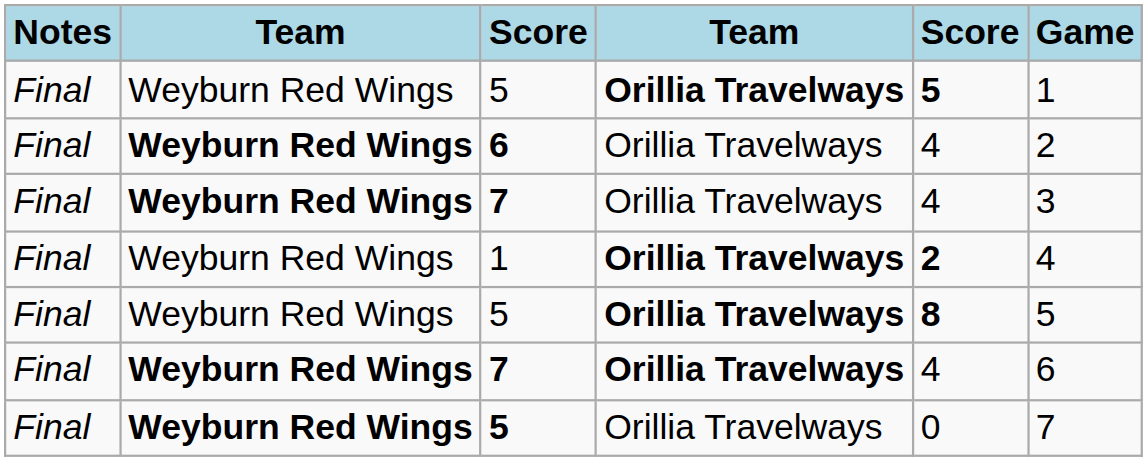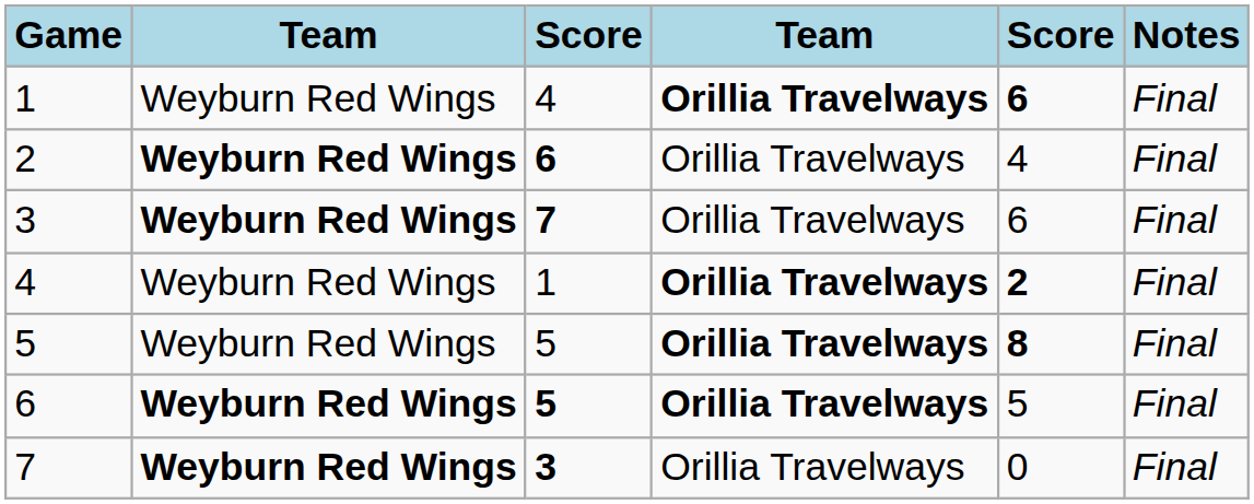 <table class="wikitable">
 <tr>
-<th style="background:lightblue;">Notes</th>
+<th style="background:lightblue;">Game</th>
 <th style="background:lightblue;">Team</th>
 <th style="background:lightblue;">Score</th>
 <th style="background:lightblue;">Team</th>
 <th style="background:lightblue;">Score</th>
-<th style="background:lightblue;">Game</th>
+<th style="background:lightblue;">Notes</th>
 </tr>
 <tr bgcolor=>
+<td>1</td>
+<td>Weyburn Red Wings</td>
+<td>4</td>
+<td><strong>Orillia Travelways</strong></td>
+<td><strong>6</strong></td>
 <td><em>Final</em></td>
-<td>Weyburn Red Wings</td>
-<td>5</td>
-<td><strong>Orillia Travelways</strong></td>
-<td><strong>5</strong></td>
-<td>1</td>
 </tr>
 <tr bgcolor=>
-<td><em>Final</em></td>
+<td>2</td>
 <td><strong>Weyburn Red Wings</strong></td>
 <td><strong>6</strong></td>
 <td>Orillia Travelways</td>
 <td>4</td>
-<td>2</td>
+<td><em>Final</em></td>
 </tr>
 <tr bgcolor=>
-<td><em>Final</em></td>
+<td>3</td>
 <td><strong>Weyburn Red Wings</strong></td>
 <td><strong>7</strong></td>
 <td>Orillia Travelways</td>
-<td>4</td>
-<td>3</td>
+<td>6</td>
+<td><em>Final</em></td>
 </tr>
 <tr bgcolor=>
-<td><em>Final</em></td>
+<td>4</td>
 <td>Weyburn Red Wings</td>
 <td>1</td>
 <td><strong>Orillia Travelways</strong></td>
 <td><strong>2</strong></td>
-<td>4</td>
+<td><em>Final</em></td>
 </tr>
 <tr bgcolor=>
-<td><em>Final</em></td>
+<td>5</td>
 <td>Weyburn Red Wings</td>
 <td>5</td>
 <td><strong>Orillia Travelways</strong></td>
 <td><strong>8</strong></td>
-<td>5</td>
+<td><em>Final</em></td>
 </tr>
 <tr bgcolor=>
+<td>6</td>
+<td><strong>Weyburn Red Wings</strong></td>
+<td><strong>5</strong></td>
+<td><strong>Orillia Travelways</strong></td>
+<td>5</td>
 <td><em>Final</em></td>
-<td><strong>Weyburn Red Wings</strong></td>
-<td><strong>7</strong></td>
-<td><strong>Orillia Travelways</strong></td>
-<td>4</td>
-<td>6</td>
 </tr>
 <tr bgcolor=>
-<td><em>Final</em></td>
+<td>7</td>
 <td><strong>Weyburn Red Wings</strong></td>
-<td><strong>5</strong></td>
+<td><strong>3</strong></td>
 <td>Orillia Travelways</td>
 <td>0</td>
-<td>7</td>
+<td><em>Final</em></td>
 </tr>
 </table>
